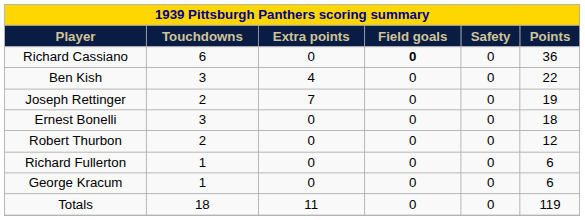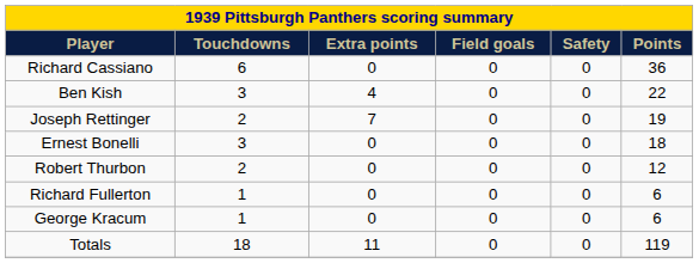 <table class="wikitable" width="35%">
 <tr>
 <th colspan="10" style="background:gold; color:darkblue; text-align: center;"><strong>1939 Pittsburgh Panthers scoring summary</strong></th>
 </tr>
 <tr align="center"  style="background:#091C44;color:#CEC499;">
 <td><strong>Player</strong></td>
 <td><strong>Touchdowns</strong></td>
 <td><strong>Extra points</strong></td>
 <td><strong>Field goals</strong></td>
 <td><strong>Safety</strong></td>
 <td><strong>Points</strong></td>
 </tr>
 <tr align="center" bgcolor="">
 <td>Richard Cassiano</td>
 <td>6</td>
 <td>0</td>
-<td><strong>0</strong></td>
+<td>0</td>
 <td>0</td>
 <td>36</td>
 </tr>
 <tr align="center" bgcolor="">
 <td>Ben Kish</td>
 <td>3</td>
 <td>4</td>
 <td>0</td>
 <td>0</td>
 <td>22</td>
 </tr>
 <tr align="center" bgcolor="">
 <td>Joseph Rettinger</td>
 <td>2</td>
 <td>7</td>
 <td>0</td>
 <td>0</td>
 <td>19</td>
 </tr>
 <tr align="center" bgcolor="">
 <td>Ernest Bonelli</td>
 <td>3</td>
 <td>0</td>
 <td>0</td>
 <td>0</td>
 <td>18</td>
 </tr>
 <tr align="center" bgcolor="">
 <td>Robert Thurbon</td>
 <td>2</td>
 <td>0</td>
 <td>0</td>
 <td>0</td>
 <td>12</td>
 </tr>
 <tr align="center" bgcolor="">
 <td>Richard Fullerton</td>
 <td>1</td>
 <td>0</td>
 <td>0</td>
 <td>0</td>
 <td>6</td>
 </tr>
 <tr align="center" bgcolor="">
 <td>George Kracum</td>
 <td>1</td>
 <td>0</td>
 <td>0</td>
 <td>0</td>
 <td>6</td>
 </tr>
 <tr align="center" bgcolor="">
 <td>Totals</td>
 <td>18</td>
 <td>11</td>
 <td>0</td>
 <td>0</td>
 <td>119</td>
 </tr>
 <tr align="center" bgcolor="">
 </tr>
 </table>
